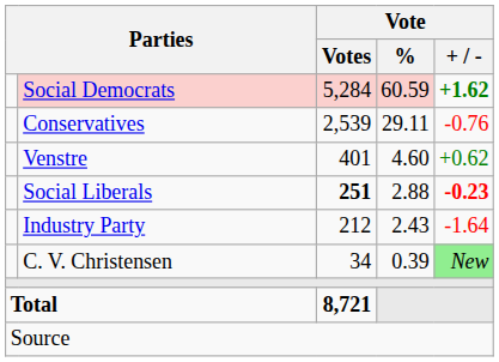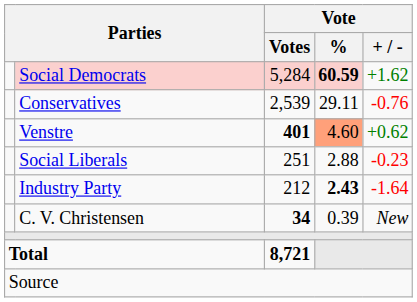 <table class="wikitable" style="text-align:right;">
 <tr>
 <th style="text-align:centre;" rowspan="2" colspan="2" width="225">Parties</th>
 <th colspan="3">Vote</th>
 </tr>
 <tr>
 <th width="15">Votes</th>
 <th width="15">%</th>
 <th width="15">+ / -</th>
 </tr>
 <tr>
 <td width="2" style="color:inherit;background:"></td>
 <td bgcolor=#fbd0ce  align="left"><a href='#'>Social Democrats</a></td>
 <td bgcolor=#fbd0ce>5,284</td>
-<td bgcolor=#fbd0ce>60.59</td>
-<td style=color:green;><strong>+1.62</strong></td>
+<td bgcolor=#fbd0ce><strong>60.59</strong></td>
+<td style=color:green;>+1.62</td>
 </tr>
 <tr>
 <td width="2" style="color:inherit;background:"></td>
 <td align="left"><a href='#'>Conservatives</a></td>
 <td>2,539</td>
 <td>29.11</td>
 <td style=color:red;>-0.76</td>
 </tr>
 <tr>
 <td width="2" style="color:inherit;background:"></td>
 <td align="left"><a href='#'>Venstre</a></td>
-<td>401</td>
-<td>4.60</td>
+<td><strong>401</strong></td>
+<td style="background: lightsalmon;">4.60</td>
 <td style=color:green;>+0.62</td>
 </tr>
 <tr>
 <td width="2" style="color:inherit;background:"></td>
 <td align="left"><a href='#'>Social Liberals</a></td>
-<td><strong>251</strong></td>
+<td>251</td>
 <td>2.88</td>
-<td style=color:red;><strong>-0.23</strong></td>
+<td style=color:red;>-0.23</td>
 </tr>
 <tr>
 <td width="2" style="color:inherit;background:"></td>
 <td align="left"><a href='#'>Industry Party</a></td>
 <td>212</td>
-<td>2.43</td>
+<td><strong>2.43</strong></td>
 <td style=color:red;>-1.64</td>
 </tr>
 <tr>
 <td width="2" style="color:inherit;background:"></td>
 <td align="left">C. V. Christensen</td>
-<td>34</td>
+<td><strong>34</strong></td>
 <td>0.39</td>
-<td style="background: lightgreen;"><em>New</em></td>
+<td><em>New</em></td>
 </tr>
 <tr>
 <td colspan="7" bgcolor="#E9E9E9"></td>
 </tr>
 <tr>
 <td align="left" colspan="2"><strong>Total</strong></td>
 <td><strong>8,721</strong></td>
 <td bgcolor="#E9E9E9" colspan="2"></td>
 </tr>
 <tr>
 <td align="left" colspan="6">Source</td>
 </tr>
 </table>
